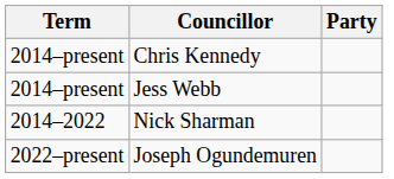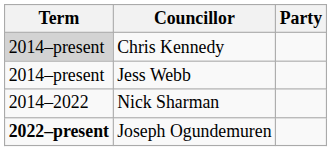 <table class="wikitable">
 <tr>
 <th>Term</th>
 <th>Councillor</th>
 <th colspan=2>Party</th>
 </tr>
 <tr>
-<td>2014–present</td>
+<td style="background: lightgrey;">2014–present</td>
 <td>Chris Kennedy</td>
 <td></td>
 </tr>
 <tr>
 <td>2014–present</td>
 <td>Jess Webb</td>
 <td></td>
 </tr>
 <tr>
 <td>2014–2022</td>
 <td>Nick Sharman</td>
 <td></td>
 </tr>
 <tr>
-<td>2022–present</td>
+<td><strong>2022–present</strong></td>
 <td>Joseph Ogundemuren</td>
 <td></td>
 </tr>
 </table>
